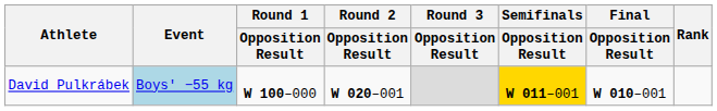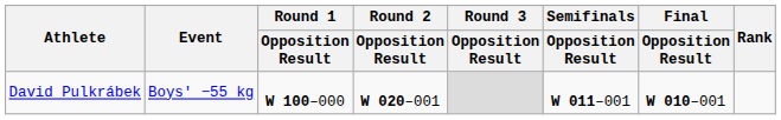 <table class="wikitable" border="1" style="font-size:90%">
 <tr>
 <th rowspan=2>Athlete</th>
 <th rowspan=2>Event</th>
 <th>Round 1</th>
 <th>Round 2</th>
 <th>Round 3</th>
 <th>Semifinals</th>
 <th>Final</th>
 <th rowspan=2>Rank</th>
 </tr>
 <tr>
 <th>Opposition<br>Result</th>
 <th>Opposition<br>Result</th>
 <th>Opposition<br>Result</th>
 <th>Opposition<br>Result</th>
 <th>Opposition<br>Result</th>
 </tr>
 <tr>
 <td><a href='#'>David Pulkrábek</a></td>
-<td style="background: lightblue;"><a href='#'>Boys' −55 kg</a></td>
+<td><a href='#'>Boys' −55 kg</a></td>
 <td align=center> <br> <strong>W</strong> <strong>100</strong>–000</td>
 <td align=center> <br> <strong>W</strong> <strong>020</strong>–001</td>
 <td bgcolor=#DCDCDC></td>
-<td align=center style="background: gold;"> <br> <strong>W</strong> <strong>011</strong>–001</td>
+<td align=center> <br> <strong>W</strong> <strong>011</strong>–001</td>
 <td align=center> <br> <strong>W</strong> <strong>010</strong>–001</td>
 <td align=center></td>
 </tr>
 </table>
